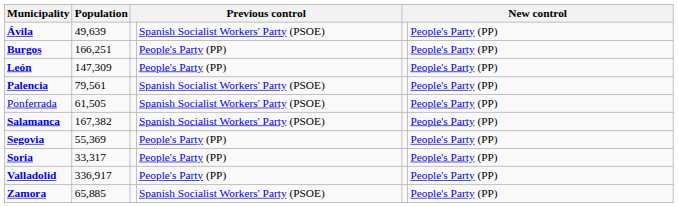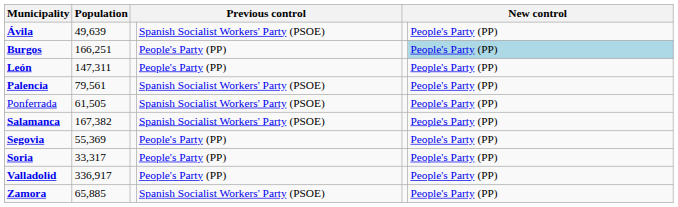 <table class="wikitable sortable">
 <tr>
 <th>Municipality</th>
 <th>Population</th>
 <th colspan="2" style="width:375px;">Previous control</th>
 <th colspan="2" style="width:375px;">New control</th>
 </tr>
 <tr>
 <td><strong><a href='#'>Ávila</a></strong></td>
 <td>49,639</td>
 <td width="1" style="color:inherit;background:"></td>
 <td><a href='#'>Spanish Socialist Workers' Party</a> (PSOE)</td>
 <td width="1" style="color:inherit;background:"></td>
 <td><a href='#'>People's Party</a> (PP)</td>
 </tr>
 <tr>
 <td><strong><a href='#'>Burgos</a></strong></td>
 <td>166,251</td>
 <td style="color:inherit;background:"></td>
 <td><a href='#'>People's Party</a> (PP)</td>
 <td style="color:inherit;background:"></td>
-<td><a href='#'>People's Party</a> (PP)</td>
+<td style="background: lightblue;"><a href='#'>People's Party</a> (PP)</td>
 </tr>
 <tr>
 <td><strong><a href='#'>León</a></strong></td>
-<td>147,309</td>
+<td>147,311</td>
 <td style="color:inherit;background:"></td>
 <td><a href='#'>People's Party</a> (PP)</td>
 <td style="color:inherit;background:"></td>
 <td><a href='#'>People's Party</a> (PP)</td>
 </tr>
 <tr>
 <td><strong><a href='#'>Palencia</a></strong></td>
 <td>79,561</td>
 <td style="color:inherit;background:"></td>
 <td><a href='#'>Spanish Socialist Workers' Party</a> (PSOE)</td>
 <td style="color:inherit;background:"></td>
 <td><a href='#'>People's Party</a> (PP)</td>
 </tr>
 <tr>
 <td><a href='#'>Ponferrada</a></td>
 <td>61,505</td>
 <td style="color:inherit;background:"></td>
 <td><a href='#'>Spanish Socialist Workers' Party</a> (PSOE)</td>
 <td style="color:inherit;background:"></td>
 <td><a href='#'>People's Party</a> (PP)</td>
 </tr>
 <tr>
 <td><strong><a href='#'>Salamanca</a></strong></td>
 <td>167,382</td>
 <td style="color:inherit;background:"></td>
 <td><a href='#'>Spanish Socialist Workers' Party</a> (PSOE)</td>
 <td style="color:inherit;background:"></td>
 <td><a href='#'>People's Party</a> (PP)</td>
 </tr>
 <tr>
 <td><strong><a href='#'>Segovia</a></strong></td>
 <td>55,369</td>
 <td style="color:inherit;background:"></td>
 <td><a href='#'>People's Party</a> (PP)</td>
 <td style="color:inherit;background:"></td>
 <td><a href='#'>People's Party</a> (PP)</td>
 </tr>
 <tr>
 <td><strong><a href='#'>Soria</a></strong></td>
 <td>33,317</td>
 <td style="color:inherit;background:"></td>
 <td><a href='#'>People's Party</a> (PP)</td>
 <td style="color:inherit;background:"></td>
 <td><a href='#'>People's Party</a> (PP)</td>
 </tr>
 <tr>
 <td><strong><a href='#'>Valladolid</a></strong></td>
 <td>336,917</td>
 <td style="color:inherit;background:"></td>
 <td><a href='#'>People's Party</a> (PP)</td>
 <td style="color:inherit;background:"></td>
 <td><a href='#'>People's Party</a> (PP)</td>
 </tr>
 <tr>
 <td><strong><a href='#'>Zamora</a></strong></td>
 <td>65,885</td>
 <td style="color:inherit;background:"></td>
 <td><a href='#'>Spanish Socialist Workers' Party</a> (PSOE)</td>
 <td style="color:inherit;background:"></td>
 <td><a href='#'>People's Party</a> (PP)</td>
 </tr>
 </table>
